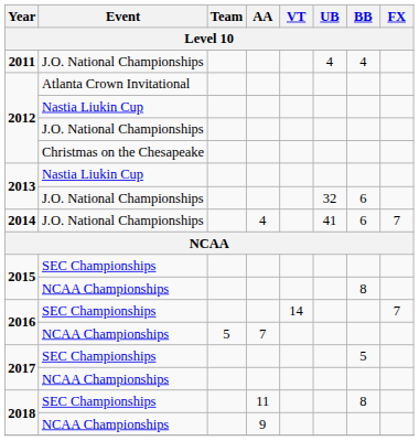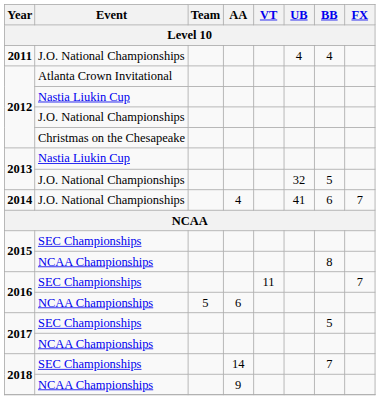 <table class="wikitable" style="text-align:center; font-size:95%;">
 <tr>
 <th align=center>Year</th>
 <th align=center>Event</th>
 <th style="width:30px;">Team</th>
 <th style="width:30px;">AA</th>
 <th style="width:30px;"><a href='#'>VT</a></th>
 <th style="width:30px;"><a href='#'>UB</a></th>
 <th style="width:30px;"><a href='#'>BB</a></th>
 <th style="width:30px;"><a href='#'>FX</a></th>
 </tr>
 <tr>
 <th colspan="8">Level 10</th>
 </tr>
 <tr>
 <td rowspan="1"><strong>2011</strong></td>
 <td align=left>J.O. National Championships</td>
 <td></td>
 <td></td>
 <td></td>
 <td>4</td>
 <td>4</td>
 <td></td>
 </tr>
 <tr>
 <td rowspan="4"><strong>2012</strong></td>
 <td align=left>Atlanta Crown Invitational</td>
 <td></td>
 <td></td>
 <td></td>
 <td></td>
 <td></td>
 <td></td>
 </tr>
 <tr>
 <td align=left><a href='#'>Nastia Liukin Cup</a></td>
 <td></td>
 <td></td>
 <td></td>
 <td></td>
 <td></td>
 <td></td>
 </tr>
 <tr>
 <td align=left>J.O. National Championships</td>
 <td></td>
 <td></td>
 <td></td>
 <td></td>
 <td></td>
 <td></td>
 </tr>
 <tr>
 <td align=left>Christmas on the Chesapeake</td>
 <td></td>
 <td></td>
 <td></td>
 <td></td>
 <td></td>
 <td></td>
 </tr>
 <tr>
 <td rowspan="2"><strong>2013</strong></td>
 <td align=left><a href='#'>Nastia Liukin Cup</a></td>
 <td></td>
 <td></td>
 <td></td>
 <td></td>
 <td></td>
 <td></td>
 </tr>
 <tr>
 <td align=left>J.O. National Championships</td>
 <td></td>
 <td></td>
 <td></td>
 <td>32</td>
-<td>6</td>
+<td>5</td>
 <td></td>
 </tr>
 <tr>
 <td rowspan="1"><strong>2014</strong></td>
 <td align=left>J.O. National Championships</td>
 <td></td>
 <td>4</td>
 <td></td>
 <td>41</td>
 <td>6</td>
 <td>7</td>
 </tr>
 <tr>
 <th colspan="8">NCAA</th>
 </tr>
 <tr>
 <td rowspan="2"><strong>2015</strong></td>
 <td align=left><a href='#'>SEC Championships</a></td>
 <td></td>
 <td></td>
 <td></td>
 <td></td>
 <td></td>
 <td></td>
 </tr>
 <tr>
 <td align=left><a href='#'>NCAA Championships</a></td>
 <td></td>
 <td></td>
 <td></td>
 <td></td>
 <td>8</td>
 <td></td>
 </tr>
 <tr>
 <td rowspan="2"><strong>2016</strong></td>
 <td align=left><a href='#'>SEC Championships</a></td>
 <td></td>
 <td></td>
-<td>14</td>
+<td>11</td>
 <td></td>
 <td></td>
 <td>7</td>
 </tr>
 <tr>
 <td align=left><a href='#'>NCAA Championships</a></td>
 <td>5</td>
-<td>7</td>
+<td>6</td>
 <td></td>
 <td></td>
 <td></td>
 <td></td>
 </tr>
 <tr>
 <td rowspan="2"><strong>2017</strong></td>
 <td align=left><a href='#'>SEC Championships</a></td>
 <td></td>
 <td></td>
 <td></td>
 <td></td>
 <td>5</td>
 <td></td>
 </tr>
 <tr>
 <td align=left><a href='#'>NCAA Championships</a></td>
 <td></td>
 <td></td>
 <td></td>
 <td></td>
 <td></td>
 <td></td>
 </tr>
 <tr>
 <td rowspan="2"><strong>2018</strong></td>
 <td align=left><a href='#'>SEC Championships</a></td>
 <td></td>
-<td>11</td>
+<td>14</td>
 <td></td>
 <td></td>
-<td>8</td>
+<td>7</td>
 <td></td>
 </tr>
 <tr>
 <td align=left><a href='#'>NCAA Championships</a></td>
 <td></td>
 <td>9</td>
 <td></td>
 <td></td>
 <td></td>
 <td></td>
 </tr>
 <tr>
 </tr>
 </table>
